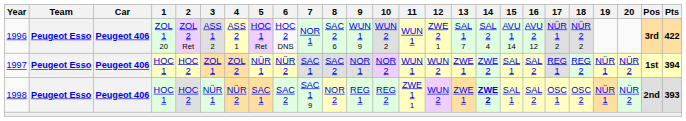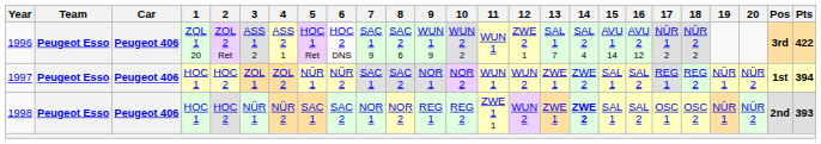 <table class="wikitable" style="text-align:center; font-size:85%">
 <tr>
 <th style="vertical-align:middle">Year</th>
 <th style="vertical-align:middle">Team</th>
 <th style="vertical-align:middle">Car</th>
 <th>1</th>
 <th>2</th>
 <th>3</th>
 <th>4</th>
 <th>5</th>
 <th>6</th>
 <th>7</th>
 <th>8</th>
 <th>9</th>
 <th>10</th>
 <th>11</th>
 <th>12</th>
 <th>13</th>
 <th>14</th>
 <th>15</th>
 <th>16</th>
 <th>17</th>
 <th>18</th>
 <th>19</th>
 <th>20</th>
 <th>Pos</th>
 <th>Pts</th>
 </tr>
 <tr>
 <td><a href='#'>1996</a></td>
 <th nowrap><a href='#'>Peugeot Esso</a></th>
 <th nowrap><a href='#'>Peugeot 406</a></th>
 <td style="background:#DFFFDF;"><a href='#'>ZOL<br>1</a><br><small>20</small></td>
 <td style="background:#EFCFFF;"><a href='#'>ZOL<br>2</a><br><small>Ret</small></td>
 <td style="background:#DFDFDF;"><a href='#'>ASS<br>1</a><br><small>2</small></td>
 <td style="background:#FFFFBF;"><a href='#'>ASS<br>2</a><br><small>1</small></td>
 <td style="background:#EFCFFF;"><a href='#'>HOC<br>1</a><br><small>Ret</small></td>
 <td><a href='#'>HOC<br>2</a><br><small>DNS</small></td>
-<td style="background:#DFFFDF;"><a href='#'>NOR<br>1</a><br></td>
+<td style="background:#DFFFDF;"><a href='#'>SAC<br>1</a><br><small>9</small></td>
 <td style="background:#DFFFDF;"><a href='#'>SAC<br>2</a><br><small>6</small></td>
 <td style="background:#DFFFDF;"><a href='#'>WUN<br>1</a><br><small>9</small></td>
 <td style="background:#DFDFDF;"><a href='#'>WUN<br>2</a><br><small>2</small></td>
 <td style="background:#FFFFBF;"><a href='#'>WUN<br>1</a><br></td>
 <td style="background:#FFFFBF;"><a href='#'>ZWE<br>2</a><br><small>1</small></td>
 <td style="background:#DFFFDF;"><a href='#'>SAL<br>1</a><br><small>7</small></td>
 <td style="background:#DFFFDF;"><a href='#'>SAL<br>2</a><br><small>4</small></td>
 <td style="background:#DFFFDF;"><a href='#'>AVU<br>1</a><br><small>14</small></td>
 <td style="background:#DFFFDF;"><a href='#'>AVU<br>2</a><br><small>12</small></td>
 <td style="background:#DFDFDF;"><a href='#'>NÜR<br>1</a><br><small>2</small></td>
 <td style="background:#DFDFDF;"><a href='#'>NÜR<br>2</a><br><small>2</small></td>
 <td></td>
 <td></td>
 <th style="background:#FFDF9F;">3rd</th>
 <th style="background:#FFDF9F;">422</th>
 </tr>
 <tr>
 <td><a href='#'>1997</a></td>
 <th nowrap><a href='#'>Peugeot Esso</a></th>
 <th nowrap><a href='#'>Peugeot 406</a></th>
 <td style="background:#FFFFBF;"><a href='#'>HOC<br>1</a><br></td>
 <td style="background:#FFFFBF;"><a href='#'>HOC<br>2</a><br></td>
 <td style="background:#FFDF9F;"><a href='#'>ZOL<br>1</a><br></td>
 <td style="background:#FFDF9F;"><a href='#'>ZOL<br>2</a><br></td>
 <td style="background:#FFFFBF;"><a href='#'>NÜR<br>1</a><br></td>
 <td style="background:#FFFFBF;"><a href='#'>NÜR<br>2</a><br></td>
 <td style="background:#DFDFDF;"><a href='#'>SAC<br>1</a><br></td>
 <td style="background:#DFDFDF;"><a href='#'>SAC<br>2</a><br></td>
 <td style="background:#DFDFDF;"><a href='#'>NOR<br>1</a><br></td>
 <td style="background:#EFCFFF;"><a href='#'>NOR<br>2</a><br></td>
 <td style="background:#FFFFBF;"><a href='#'>WUN<br>1</a><br></td>
 <td style="background:#FFFFBF;"><a href='#'>WUN<br>2</a><br></td>
 <td style="background:#FFFFBF;"><a href='#'>ZWE<br>1</a><br></td>
 <td style="background:#DFFFDF;"><a href='#'>ZWE<br>2</a><br></td>
 <td style="background:#FFFFBF;"><a href='#'>SAL<br>1</a><br></td>
 <td style="background:#FFFFBF;"><a href='#'>SAL<br>2</a><br></td>
 <td style="background:#DFDFDF;"><a href='#'>REG<br>1</a><br></td>
 <td style="background:#DFFFDF;"><a href='#'>REG<br>2</a><br></td>
 <td style="background:#FFFFBF;"><a href='#'>NÜR<br>1</a><br></td>
 <td style="background:#FFFFBF;"><a href='#'>NÜR<br>2</a><br></td>
 <th style="background:#FFFFBF;">1st</th>
 <th style="background:#FFFFBF;">394</th>
 </tr>
 <tr>
 <td><a href='#'>1998</a></td>
 <th nowrap><a href='#'>Peugeot Esso</a></th>
 <th nowrap><a href='#'>Peugeot 406</a></th>
 <td style="background:#DFFFDF;"><a href='#'>HOC<br>1</a><br></td>
 <td style="background:#DFDFDF;"><a href='#'>HOC<br>2</a><br></td>
 <td style="background:#DFFFDF;"><a href='#'>NÜR<br>1</a><br></td>
 <td style="background:#FFDF9F;"><a href='#'>NÜR<br>2</a><br></td>
 <td style="background:#FFDF9F;"><a href='#'>SAC<br>1</a><em><br></em></td>
 <td style="background:#DFFFDF;"><a href='#'>SAC<br>2</a><em><br></em></td>
-<td style="background:#DFFFDF;"><a href='#'>SAC<br>1</a><br><small>9</small></td>
+<td style="background:#DFFFDF;"><a href='#'>NOR<br>1</a><br></td>
 <td style="background:#FFFFBF;"><a href='#'>NOR<br>2</a><br></td>
 <td style="background:#DFFFDF;"><a href='#'>REG<br>1</a><br></td>
 <td style="background:#DFFFDF;"><a href='#'>REG<br>2</a><br></td>
 <td style="background:#FFFFBF;"><a href='#'>ZWE<br>1</a><br><small>1</small></td>
 <td style="background:#EFCFFF;"><a href='#'>WUN<br>2</a><br></td>
 <td style="background:#FFDF9F;"><a href='#'>ZWE<br>1</a><br></td>
 <td style="background:#DFFFDF;"><strong><a href='#'>ZWE<br>2</a><br></strong></td>
 <td style="background:#FFFFBF;"><a href='#'>SAL<br>1</a><br></td>
 <td style="background:#FFFFBF;"><a href='#'>SAL<br>2</a><br></td>
 <td style="background:#FFFFBF;"><a href='#'>OSC<br>1</a><br></td>
 <td style="background:#FFFFBF;"><a href='#'>OSC<br>2</a><br></td>
 <td style="background:#FFDF9F;"><a href='#'>NÜR<br>1</a><br></td>
 <td style="background:#DFFFDF;"><a href='#'>NÜR<br>2</a><br></td>
 <th style="background:#DFDFDF;">2nd</th>
 <th style="background:#DFDFDF;">393</th>
 </tr>
 <tr>
 <th colspan="25"></th>
 </tr>
 </table>
